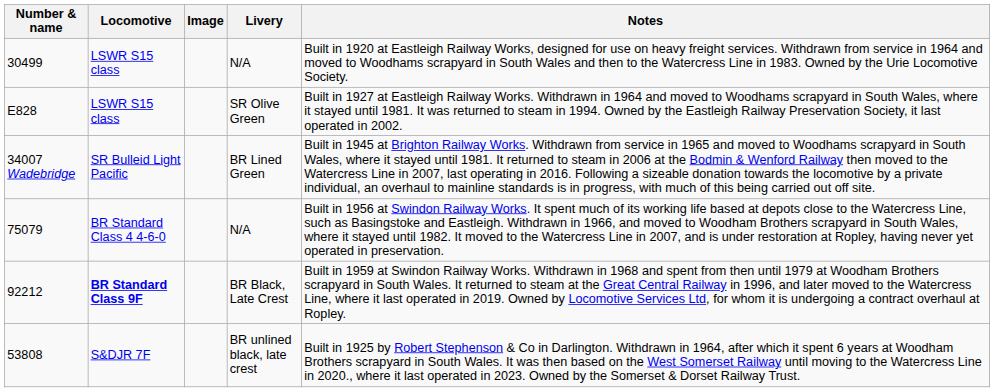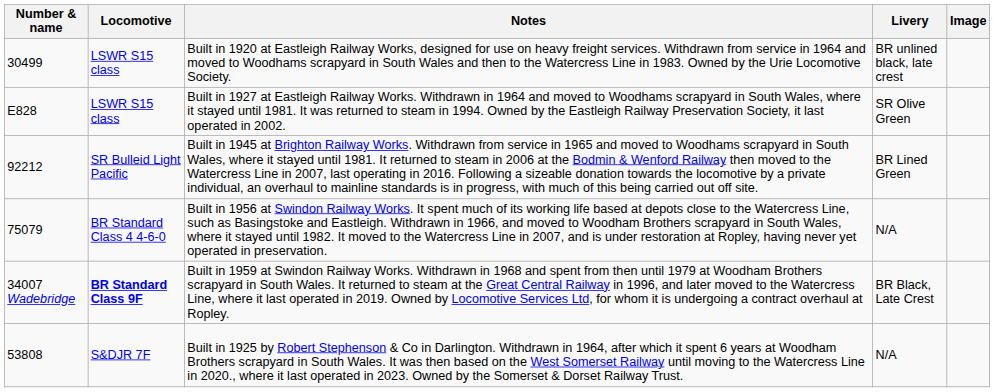 <table class="wikitable">
 <tr>
 <th>Number & name</th>
 <th>Locomotive</th>
+<th>Notes</th>
+<th>Livery</th>
 <th>Image</th>
-<th>Livery</th>
-<th>Notes</th>
 </tr>
 <tr>
 <td>30499</td>
 <td><a href='#'>LSWR S15 class</a> </td>
+<td>Built in 1920 at Eastleigh Railway Works, designed for use on heavy freight services. Withdrawn from service in 1964 and moved to Woodhams scrapyard in South Wales and then to the Watercress Line in 1983.  Owned by the Urie Locomotive Society.</td>
+<td>BR unlined black, late crest</td>
 <td></td>
-<td>N/A</td>
-<td>Built in 1920 at Eastleigh Railway Works, designed for use on heavy freight services. Withdrawn from service in 1964 and moved to Woodhams scrapyard in South Wales and then to the Watercress Line in 1983.  Owned by the Urie Locomotive Society.</td>
 </tr>
 <tr>
 <td>E828</td>
 <td><a href='#'>LSWR S15 class</a> </td>
+<td>Built in 1927 at Eastleigh Railway Works. Withdrawn in 1964 and moved to Woodhams scrapyard in South Wales, where it stayed until 1981. It was returned to steam in 1994. Owned by the Eastleigh Railway Preservation Society, it last operated in 2002.</td>
+<td>SR Olive Green</td>
 <td></td>
-<td>SR Olive Green</td>
-<td>Built in 1927 at Eastleigh Railway Works. Withdrawn in 1964 and moved to Woodhams scrapyard in South Wales, where it stayed until 1981. It was returned to steam in 1994. Owned by the Eastleigh Railway Preservation Society, it last operated in 2002.</td>
 </tr>
 <tr>
-<td>34007 <em><a href='#'>Wadebridge</a></em></td>
+<td>92212</td>
 <td><a href='#'>SR Bulleid Light Pacific</a> </td>
+<td>Built in 1945 at <a href='#'>Brighton Railway Works</a>. Withdrawn from service in 1965 and moved to Woodhams scrapyard in South Wales, where it stayed until 1981. It returned to steam in 2006 at the <a href='#'>Bodmin & Wenford Railway</a> then moved to the Watercress Line in 2007, last operating in 2016. Following a sizeable donation towards the locomotive by a private individual, an overhaul to mainline standards is in progress, with much of this being carried out off site.</td>
+<td>BR Lined Green</td>
 <td></td>
-<td>BR Lined Green</td>
-<td>Built in 1945 at <a href='#'>Brighton Railway Works</a>. Withdrawn from service in 1965 and moved to Woodhams scrapyard in South Wales, where it stayed until 1981. It returned to steam in 2006 at the <a href='#'>Bodmin & Wenford Railway</a> then moved to the Watercress Line in 2007, last operating in 2016. Following a sizeable donation towards the locomotive by a private individual, an overhaul to mainline standards is in progress, with much of this being carried out off site.</td>
 </tr>
 <tr>
 <td>75079</td>
 <td><a href='#'>BR Standard Class 4 4-6-0</a></td>
+<td>Built in 1956 at <a href='#'>Swindon Railway Works</a>. It spent much of its working life based at depots close to the Watercress Line, such as Basingstoke and Eastleigh. Withdrawn in 1966, and moved to Woodham Brothers scrapyard in South Wales, where it stayed until 1982. It moved to the Watercress Line in 2007, and is under restoration at Ropley, having never yet operated in preservation.</td>
+<td>N/A</td>
 <td></td>
-<td>N/A</td>
-<td>Built in 1956 at <a href='#'>Swindon Railway Works</a>. It spent much of its working life based at depots close to the Watercress Line, such as Basingstoke and Eastleigh. Withdrawn in 1966, and moved to Woodham Brothers scrapyard in South Wales, where it stayed until 1982. It moved to the Watercress Line in 2007, and is under restoration at Ropley, having never yet operated in preservation.</td>
 </tr>
 <tr>
-<td>92212</td>
+<td>34007 <em><a href='#'>Wadebridge</a></em></td>
 <td><strong><a href='#'>BR Standard Class 9F</a> </strong></td>
+<td>Built in 1959 at Swindon Railway Works. Withdrawn in 1968 and spent from then until 1979 at Woodham Brothers scrapyard in South Wales. It returned to steam at the <a href='#'>Great Central Railway</a> in 1996, and later moved to the Watercress Line, where it last operated in 2019. Owned by <a href='#'>Locomotive Services Ltd</a>, for whom it is undergoing a contract overhaul at Ropley.</td>
+<td>BR Black, Late Crest</td>
 <td></td>
-<td>BR Black, Late Crest</td>
-<td>Built in 1959 at Swindon Railway Works. Withdrawn in 1968 and spent from then until 1979 at Woodham Brothers scrapyard in South Wales. It returned to steam at the <a href='#'>Great Central Railway</a> in 1996, and later moved to the Watercress Line, where it last operated in 2019. Owned by <a href='#'>Locomotive Services Ltd</a>, for whom it is undergoing a contract overhaul at Ropley.</td>
 </tr>
 <tr>
 <td>53808</td>
 <td><a href='#'>S&DJR 7F</a> </td>
+<td><br>Built in 1925 by <a href='#'>Robert Stephenson</a> & Co in Darlington. Withdrawn in 1964, after which it spent 6 years at Woodham Brothers scrapyard in South Wales. It was then based on the <a href='#'>West Somerset Railway</a> until moving to the Watercress Line in 2020., where it last operated in 2023. Owned by the Somerset & Dorset Railway Trust.</td>
+<td>N/A</td>
 <td></td>
-<td>BR unlined black, late crest</td>
-<td><br>Built in 1925 by <a href='#'>Robert Stephenson</a> & Co in Darlington. Withdrawn in 1964, after which it spent 6 years at Woodham Brothers scrapyard in South Wales. It was then based on the <a href='#'>West Somerset Railway</a> until moving to the Watercress Line in 2020., where it last operated in 2023. Owned by the Somerset & Dorset Railway Trust.</td>
 </tr>
 </table>
